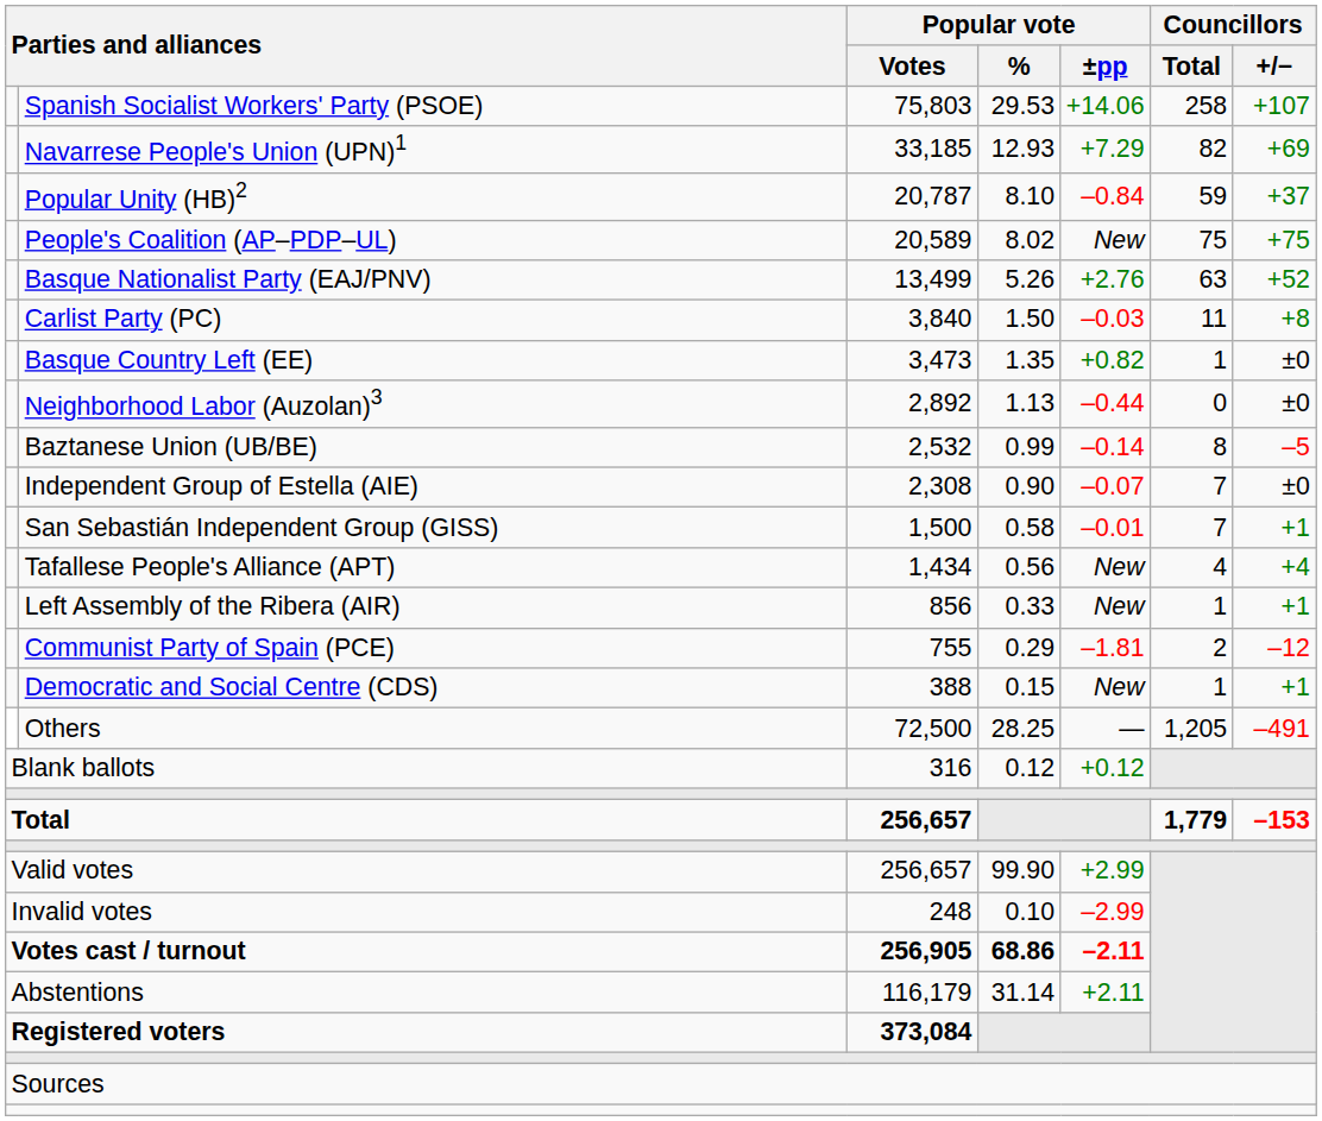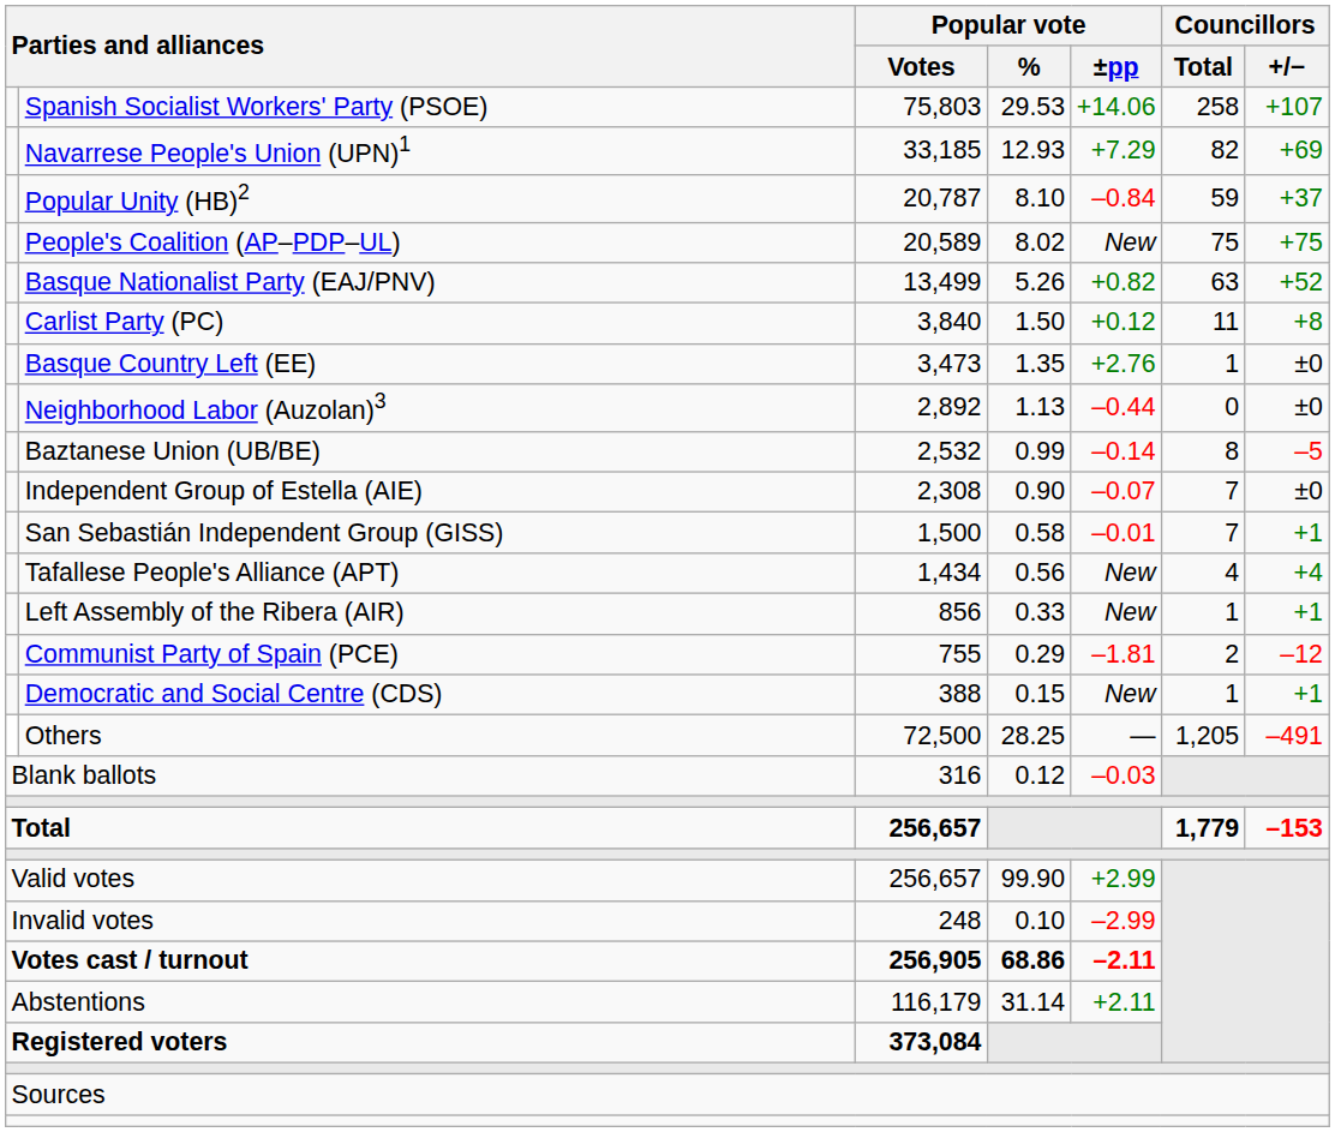 <table class="wikitable" style="text-align:right;">
 <tr>
 <th style="text-align:left;" rowspan="2" colspan="2" width="525">Parties and alliances</th>
 <th colspan="3">Popular vote</th>
 <th colspan="2">Councillors</th>
 </tr>
 <tr>
 <th width="75">Votes</th>
 <th width="45">%</th>
 <th width="45">±<a href='#'>pp</a></th>
 <th width="45">Total</th>
 <th width="45">+/−</th>
 </tr>
 <tr>
 <td width="1" style="color:inherit;background:"></td>
 <td align="left"><a href='#'>Spanish Socialist Workers' Party</a> (PSOE)</td>
 <td>75,803</td>
 <td>29.53</td>
 <td style="color:green;">+14.06</td>
 <td>258</td>
 <td style="color:green;">+107</td>
 </tr>
 <tr>
 <td style="color:inherit;background:"></td>
 <td align="left"><a href='#'>Navarrese People's Union</a> (UPN)<sup>1</sup></td>
 <td>33,185</td>
 <td>12.93</td>
 <td style="color:green;">+7.29</td>
 <td>82</td>
 <td style="color:green;">+69</td>
 </tr>
 <tr>
 <td style="color:inherit;background:"></td>
 <td align="left"><a href='#'>Popular Unity</a> (HB)<sup>2</sup></td>
 <td>20,787</td>
 <td>8.10</td>
 <td style="color:red;">–0.84</td>
 <td>59</td>
 <td style="color:green;">+37</td>
 </tr>
 <tr>
 <td style="color:inherit;background:"></td>
 <td align="left"><a href='#'>People's Coalition</a> (<a href='#'>AP</a>–<a href='#'>PDP</a>–<a href='#'>UL</a>)</td>
 <td>20,589</td>
 <td>8.02</td>
 <td><em>New</em></td>
 <td>75</td>
 <td style="color:green;">+75</td>
 </tr>
 <tr>
 <td style="color:inherit;background:"></td>
 <td align="left"><a href='#'>Basque Nationalist Party</a> (EAJ/PNV)</td>
 <td>13,499</td>
 <td>5.26</td>
-<td style="color:green;">+2.76</td>
+<td style="color:green;">+0.82</td>
 <td>63</td>
 <td style="color:green;">+52</td>
 </tr>
 <tr>
 <td style="color:inherit;background:"></td>
 <td align="left"><a href='#'>Carlist Party</a> (PC)</td>
 <td>3,840</td>
 <td>1.50</td>
-<td style="color:red;">–0.03</td>
+<td style="color:green;">+0.12</td>
 <td>11</td>
 <td style="color:green;">+8</td>
 </tr>
 <tr>
 <td style="color:inherit;background:"></td>
 <td align="left"><a href='#'>Basque Country Left</a> (EE)</td>
 <td>3,473</td>
 <td>1.35</td>
-<td style="color:green;">+0.82</td>
+<td style="color:green;">+2.76</td>
 <td>1</td>
 <td>±0</td>
 </tr>
 <tr>
 <td style="color:inherit;background:"></td>
 <td align="left"><a href='#'>Neighborhood Labor</a> (Auzolan)<sup>3</sup></td>
 <td>2,892</td>
 <td>1.13</td>
 <td style="color:red;">–0.44</td>
 <td>0</td>
 <td>±0</td>
 </tr>
 <tr>
 <td style="color:inherit;background:"></td>
 <td align="left">Baztanese Union (UB/BE)</td>
 <td>2,532</td>
 <td>0.99</td>
 <td style="color:red;">–0.14</td>
 <td>8</td>
 <td style="color:red;">–5</td>
 </tr>
 <tr>
 <td style="color:inherit;background:"></td>
 <td align="left">Independent Group of Estella (AIE)</td>
 <td>2,308</td>
 <td>0.90</td>
 <td style="color:red;">–0.07</td>
 <td>7</td>
 <td>±0</td>
 </tr>
 <tr>
 <td style="color:inherit;background:"></td>
 <td align="left">San Sebastián Independent Group (GISS)</td>
 <td>1,500</td>
 <td>0.58</td>
 <td style="color:red;">–0.01</td>
 <td>7</td>
 <td style="color:green;">+1</td>
 </tr>
 <tr>
 <td style="color:inherit;background:"></td>
 <td align="left">Tafallese People's Alliance (APT)</td>
 <td>1,434</td>
 <td>0.56</td>
 <td><em>New</em></td>
 <td>4</td>
 <td style="color:green;">+4</td>
 </tr>
 <tr>
 <td style="color:inherit;background:"></td>
 <td align="left">Left Assembly of the Ribera (AIR)</td>
 <td>856</td>
 <td>0.33</td>
 <td><em>New</em></td>
 <td>1</td>
 <td style="color:green;">+1</td>
 </tr>
 <tr>
 <td style="color:inherit;background:"></td>
 <td align="left"><a href='#'>Communist Party of Spain</a> (PCE)</td>
 <td>755</td>
 <td>0.29</td>
 <td style="color:red;">–1.81</td>
 <td>2</td>
 <td style="color:red;">–12</td>
 </tr>
 <tr>
 <td style="color:inherit;background:"></td>
 <td align="left"><a href='#'>Democratic and Social Centre</a> (CDS)</td>
 <td>388</td>
 <td>0.15</td>
 <td><em>New</em></td>
 <td>1</td>
 <td style="color:green;">+1</td>
 </tr>
 <tr>
 <td bgcolor="white"></td>
 <td align="left">Others</td>
 <td>72,500</td>
 <td>28.25</td>
 <td>—</td>
 <td>1,205</td>
 <td style="color:red;">–491</td>
 </tr>
 <tr>
 <td align="left" colspan="2">Blank ballots</td>
 <td>316</td>
 <td>0.12</td>
-<td style="color:green;">+0.12</td>
+<td style="color:red;">–0.03</td>
 <td bgcolor="#E9E9E9" colspan="2"></td>
 </tr>
 <tr>
 <td colspan="7" bgcolor="#E9E9E9"></td>
 </tr>
 <tr style="font-weight:bold;">
 <td align="left" colspan="2">Total</td>
 <td>256,657</td>
 <td bgcolor="#E9E9E9" colspan="2"></td>
 <td>1,779</td>
 <td style="color:red;">–153</td>
 </tr>
 <tr>
 <td colspan="7" bgcolor="#E9E9E9"></td>
 </tr>
 <tr>
 <td align="left" colspan="2">Valid votes</td>
 <td>256,657</td>
 <td>99.90</td>
 <td style="color:green;">+2.99</td>
 <td bgcolor="#E9E9E9" colspan="2" rowspan="5"></td>
 </tr>
 <tr>
 <td align="left" colspan="2">Invalid votes</td>
 <td>248</td>
 <td>0.10</td>
 <td style="color:red;">–2.99</td>
 </tr>
 <tr style="font-weight:bold;">
 <td align="left" colspan="2">Votes cast / turnout</td>
 <td>256,905</td>
 <td>68.86</td>
 <td style="color:red;">–2.11</td>
 </tr>
 <tr>
 <td align="left" colspan="2">Abstentions</td>
 <td>116,179</td>
 <td>31.14</td>
 <td style="color:green;">+2.11</td>
 </tr>
 <tr style="font-weight:bold;">
 <td align="left" colspan="2">Registered voters</td>
 <td>373,084</td>
 <td bgcolor="#E9E9E9" colspan="2"></td>
 </tr>
 <tr>
 <td colspan="7" bgcolor="#E9E9E9"></td>
 </tr>
 <tr>
 <td align="left" colspan="7">Sources</td>
 </tr>
 <tr>
 <td colspan="7" style="text-align:left; max-width:790px;"></td>
 </tr>
 </table>
